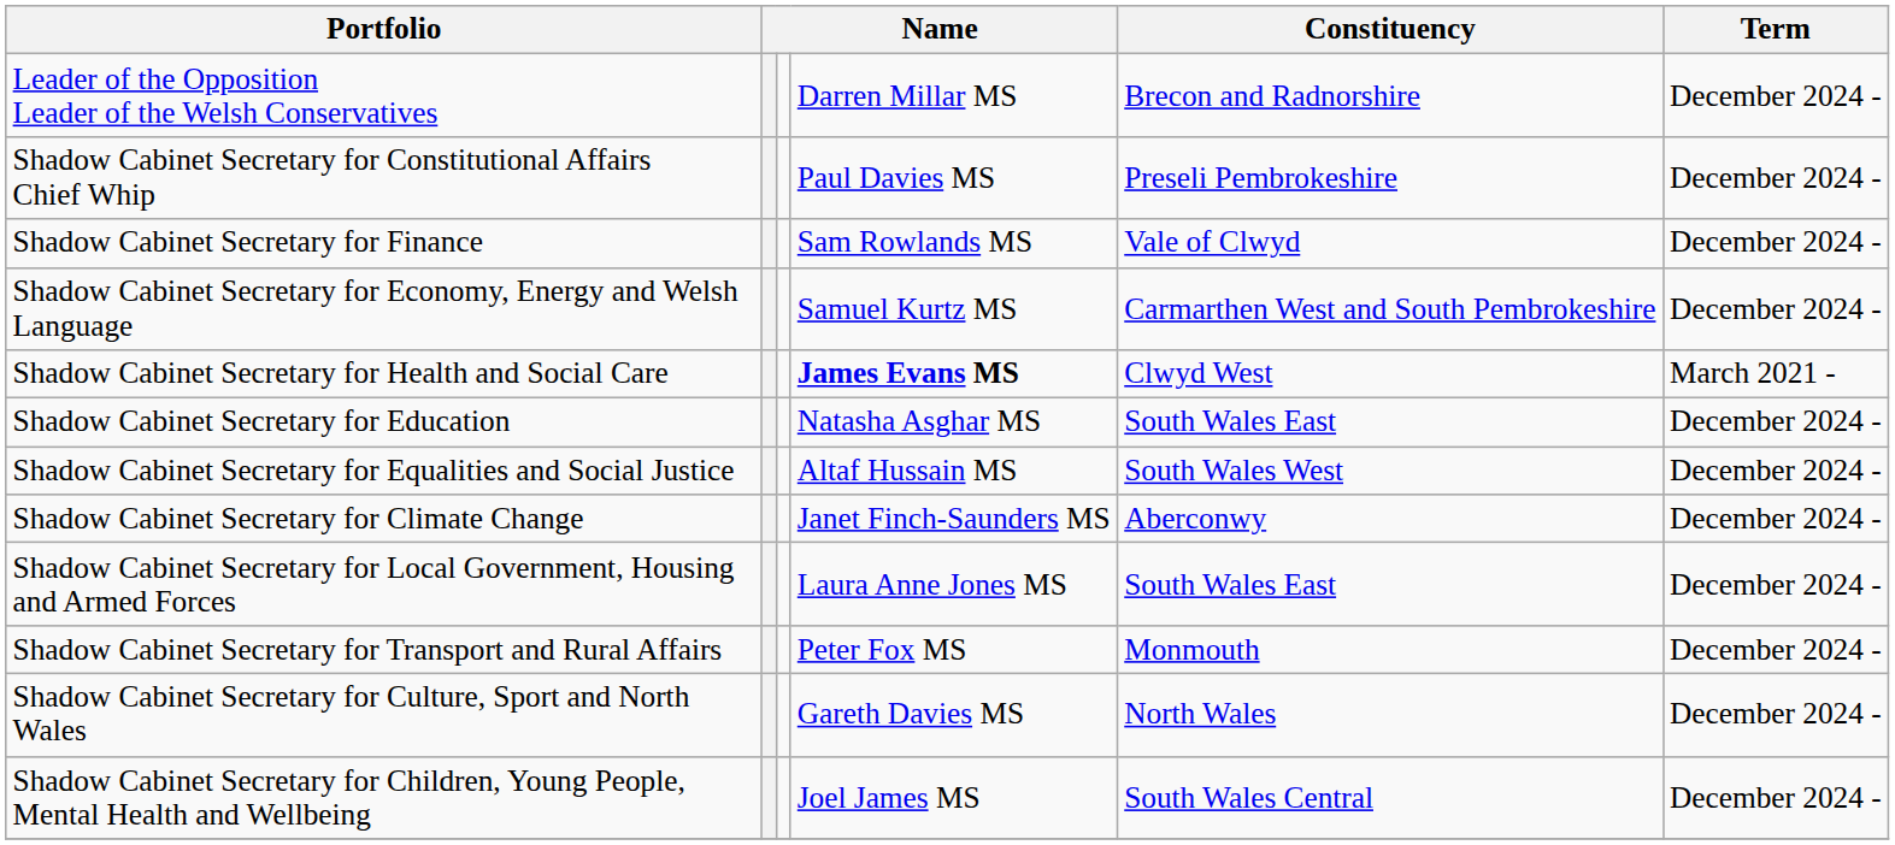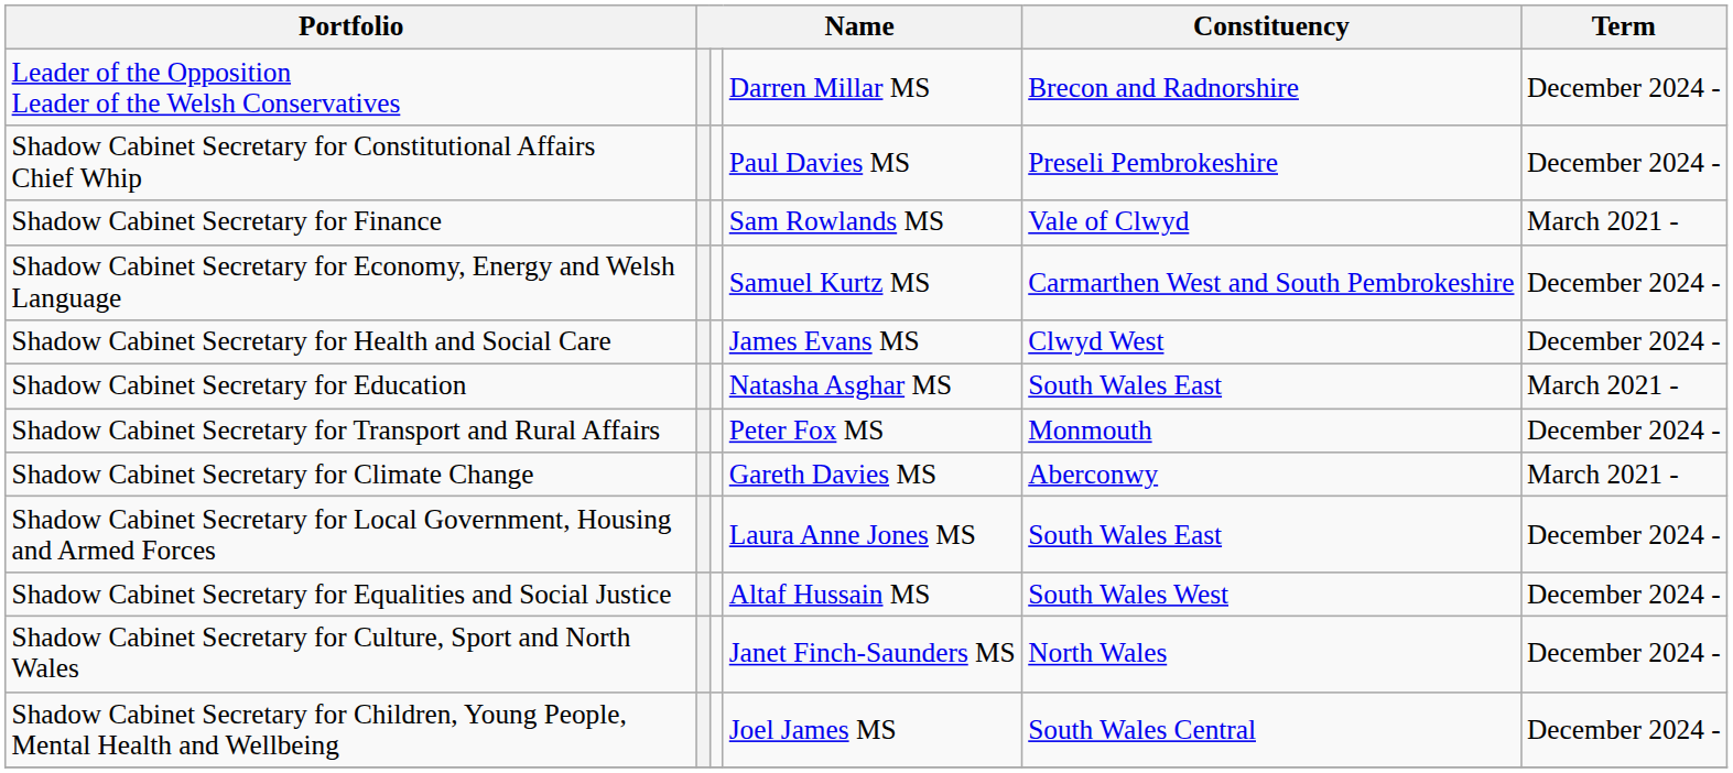 <table class="wikitable">
 <tr>
 <th style="width: 390px">Portfolio</th>
 <th colspan="3">Name</th>
 <th>Constituency</th>
 <th>Term</th>
 </tr>
 <tr>
 <td><a href='#'>Leader of the Opposition</a><br><a href='#'>Leader of the Welsh Conservatives</a></td>
 <th style="background-color: "></th>
 <td></td>
 <td><a href='#'>Darren Millar</a> MS</td>
 <td><a href='#'>Brecon and Radnorshire</a></td>
 <td>December 2024 -</td>
 </tr>
 <tr>
 <td>Shadow Cabinet Secretary for Constitutional Affairs <br> Chief Whip</td>
 <th style="background-color: "></th>
 <td></td>
 <td><a href='#'>Paul Davies</a> MS</td>
 <td><a href='#'>Preseli Pembrokeshire</a></td>
 <td>December 2024 -</td>
 </tr>
 <tr>
 <td>Shadow Cabinet Secretary for Finance</td>
 <th style="background-color: "></th>
 <td></td>
 <td><a href='#'>Sam Rowlands</a> MS</td>
 <td><a href='#'>Vale of Clwyd</a></td>
-<td>December 2024 -</td>
+<td>March 2021 -</td>
 </tr>
 <tr>
 <td>Shadow Cabinet Secretary for Economy, Energy and Welsh Language</td>
 <th style="background-color: "></th>
 <td></td>
 <td><a href='#'>Samuel Kurtz</a> MS</td>
 <td><a href='#'>Carmarthen West and South Pembrokeshire</a></td>
 <td>December 2024 -</td>
 </tr>
 <tr>
 <td>Shadow Cabinet Secretary for Health and Social Care</td>
 <th style="background-color: "></th>
 <td></td>
-<td><strong><a href='#'>James Evans</a> MS</strong></td>
+<td><a href='#'>James Evans</a> MS</td>
 <td><a href='#'>Clwyd West</a></td>
-<td>March 2021 -</td>
+<td>December 2024 -</td>
 </tr>
 <tr>
 <td>Shadow Cabinet Secretary for Education</td>
 <th style="background-color: "></th>
 <td></td>
 <td><a href='#'>Natasha Asghar</a> MS</td>
+<td><a href='#'>South Wales East</a></td>
+<td>March 2021 -</td>
+</tr>
+<tr>
+<td>Shadow Cabinet Secretary for Transport and Rural Affairs</td>
+<th style="background-color: "></th>
+<td></td>
+<td><a href='#'>Peter Fox</a> MS</td>
+<td><a href='#'>Monmouth</a></td>
+<td>December 2024 -</td>
+</tr>
+<tr>
+<td>Shadow Cabinet Secretary for Climate Change</td>
+<th style="background-color: "></th>
+<td></td>
+<td><a href='#'>Gareth Davies</a> MS</td>
+<td><a href='#'>Aberconwy</a></td>
+<td>March 2021 -</td>
+</tr>
+<tr>
+<td>Shadow Cabinet Secretary for Local Government, Housing and Armed Forces</td>
+<th style="background-color: "></th>
+<td></td>
+<td><a href='#'>Laura Anne Jones</a> MS</td>
 <td><a href='#'>South Wales East</a></td>
 <td>December 2024 -</td>
 </tr>
 <tr>
 <td>Shadow Cabinet Secretary for Equalities and Social Justice</td>
 <th style="background-color: "></th>
 <td></td>
 <td><a href='#'>Altaf Hussain</a> MS</td>
 <td><a href='#'>South Wales West</a></td>
 <td>December 2024 -</td>
 </tr>
 <tr>
-<td>Shadow Cabinet Secretary for Climate Change</td>
+<td>Shadow Cabinet Secretary for Culture, Sport and North Wales</td>
 <th style="background-color: "></th>
 <td></td>
 <td><a href='#'>Janet Finch-Saunders</a> MS</td>
-<td><a href='#'>Aberconwy</a></td>
-<td>December 2024 -</td>
-</tr>
-<tr>
-<td>Shadow Cabinet Secretary for Local Government, Housing and Armed Forces</td>
-<th style="background-color: "></th>
-<td></td>
-<td><a href='#'>Laura Anne Jones</a> MS</td>
-<td><a href='#'>South Wales East</a></td>
-<td>December 2024 -</td>
-</tr>
-<tr>
-<td>Shadow Cabinet Secretary for Transport and Rural Affairs</td>
-<th style="background-color: "></th>
-<td></td>
-<td><a href='#'>Peter Fox</a> MS</td>
-<td><a href='#'>Monmouth</a></td>
-<td>December 2024 -</td>
-</tr>
-<tr>
-<td>Shadow Cabinet Secretary for Culture, Sport and North Wales</td>
-<th style="background-color: "></th>
-<td></td>
-<td><a href='#'>Gareth Davies</a> MS</td>
 <td><a href='#'>North Wales</a></td>
 <td>December 2024 -</td>
 </tr>
 <tr>
 <td>Shadow Cabinet Secretary for Children, Young People, Mental Health and Wellbeing</td>
 <th style="background-color: "></th>
 <td></td>
 <td><a href='#'>Joel James</a> MS</td>
 <td><a href='#'>South Wales Central</a></td>
 <td>December 2024 -</td>
 </tr>
 <tr>
 </tr>
 </table>
